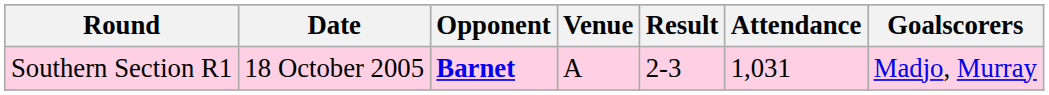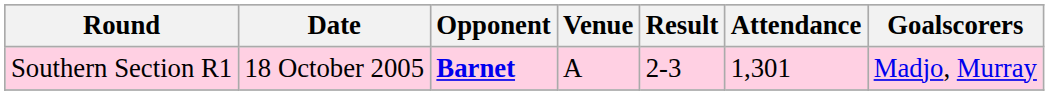 <table class="wikitable">
 <tr>
 <th>Round</th>
 <th>Date</th>
 <th>Opponent</th>
 <th>Venue</th>
 <th>Result</th>
 <th>Attendance</th>
 <th>Goalscorers</th>
 </tr>
 <tr style="background-color: #ffd0e3;">
 <td>Southern Section R1</td>
 <td>18 October 2005</td>
 <td><strong><a href='#'>Barnet</a></strong></td>
 <td>A</td>
 <td>2-3</td>
-<td>1,031</td>
+<td>1,301</td>
 <td><a href='#'>Madjo</a>, <a href='#'>Murray</a></td>
 </tr>
 </table>
